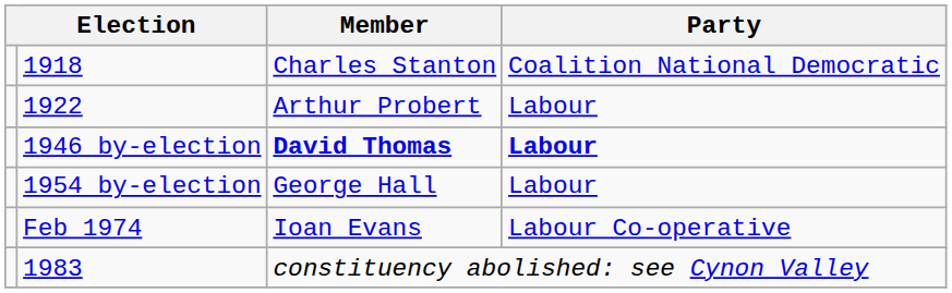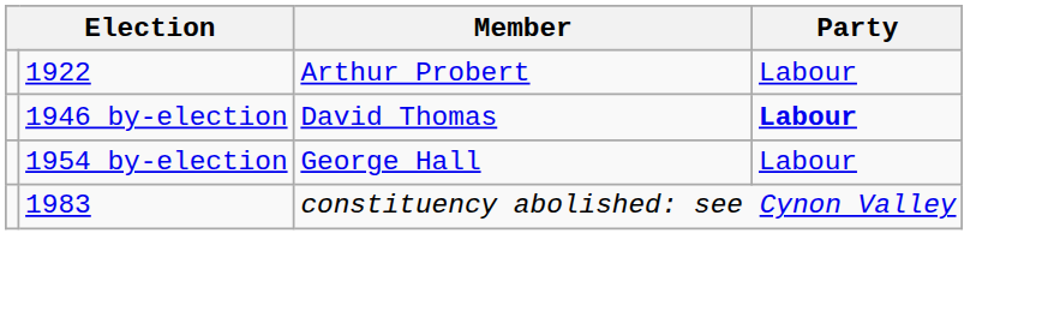 <table class="wikitable">
 <tr>
 <th colspan="2">Election</th>
 <th>Member</th>
 <th>Party</th>
-</tr>
-<tr>
-<td style="color:inherit;background-color: "></td>
-<td><a href='#'>1918</a></td>
-<td><a href='#'>Charles Stanton</a></td>
-<td><a href='#'>Coalition National Democratic</a></td>
 </tr>
 <tr>
 <td style="color:inherit;background-color: "></td>
 <td><a href='#'>1922</a></td>
 <td><a href='#'>Arthur Probert</a></td>
 <td><a href='#'>Labour</a></td>
 </tr>
 <tr>
 <td style="color:inherit;background-color: "></td>
 <td><a href='#'>1946 by-election</a></td>
-<td><strong><a href='#'>David Thomas</a></strong></td>
+<td><a href='#'>David Thomas</a></td>
 <td><strong><a href='#'>Labour</a></strong></td>
 </tr>
 <tr>
 <td style="color:inherit;background-color: "></td>
 <td><a href='#'>1954 by-election</a></td>
 <td><a href='#'>George Hall</a></td>
 <td><a href='#'>Labour</a></td>
 </tr>
 <tr>
-<td style="color:inherit;background-color: "></td>
-<td><a href='#'>Feb 1974</a></td>
-<td><a href='#'>Ioan Evans</a></td>
-<td><a href='#'>Labour Co-operative</a></td>
-</tr>
-<tr>
 <td></td>
 <td><a href='#'>1983</a></td>
 <td colspan="2"><em>constituency abolished: see <a href='#'>Cynon Valley</a></em></td>
 </tr>
 </table>
